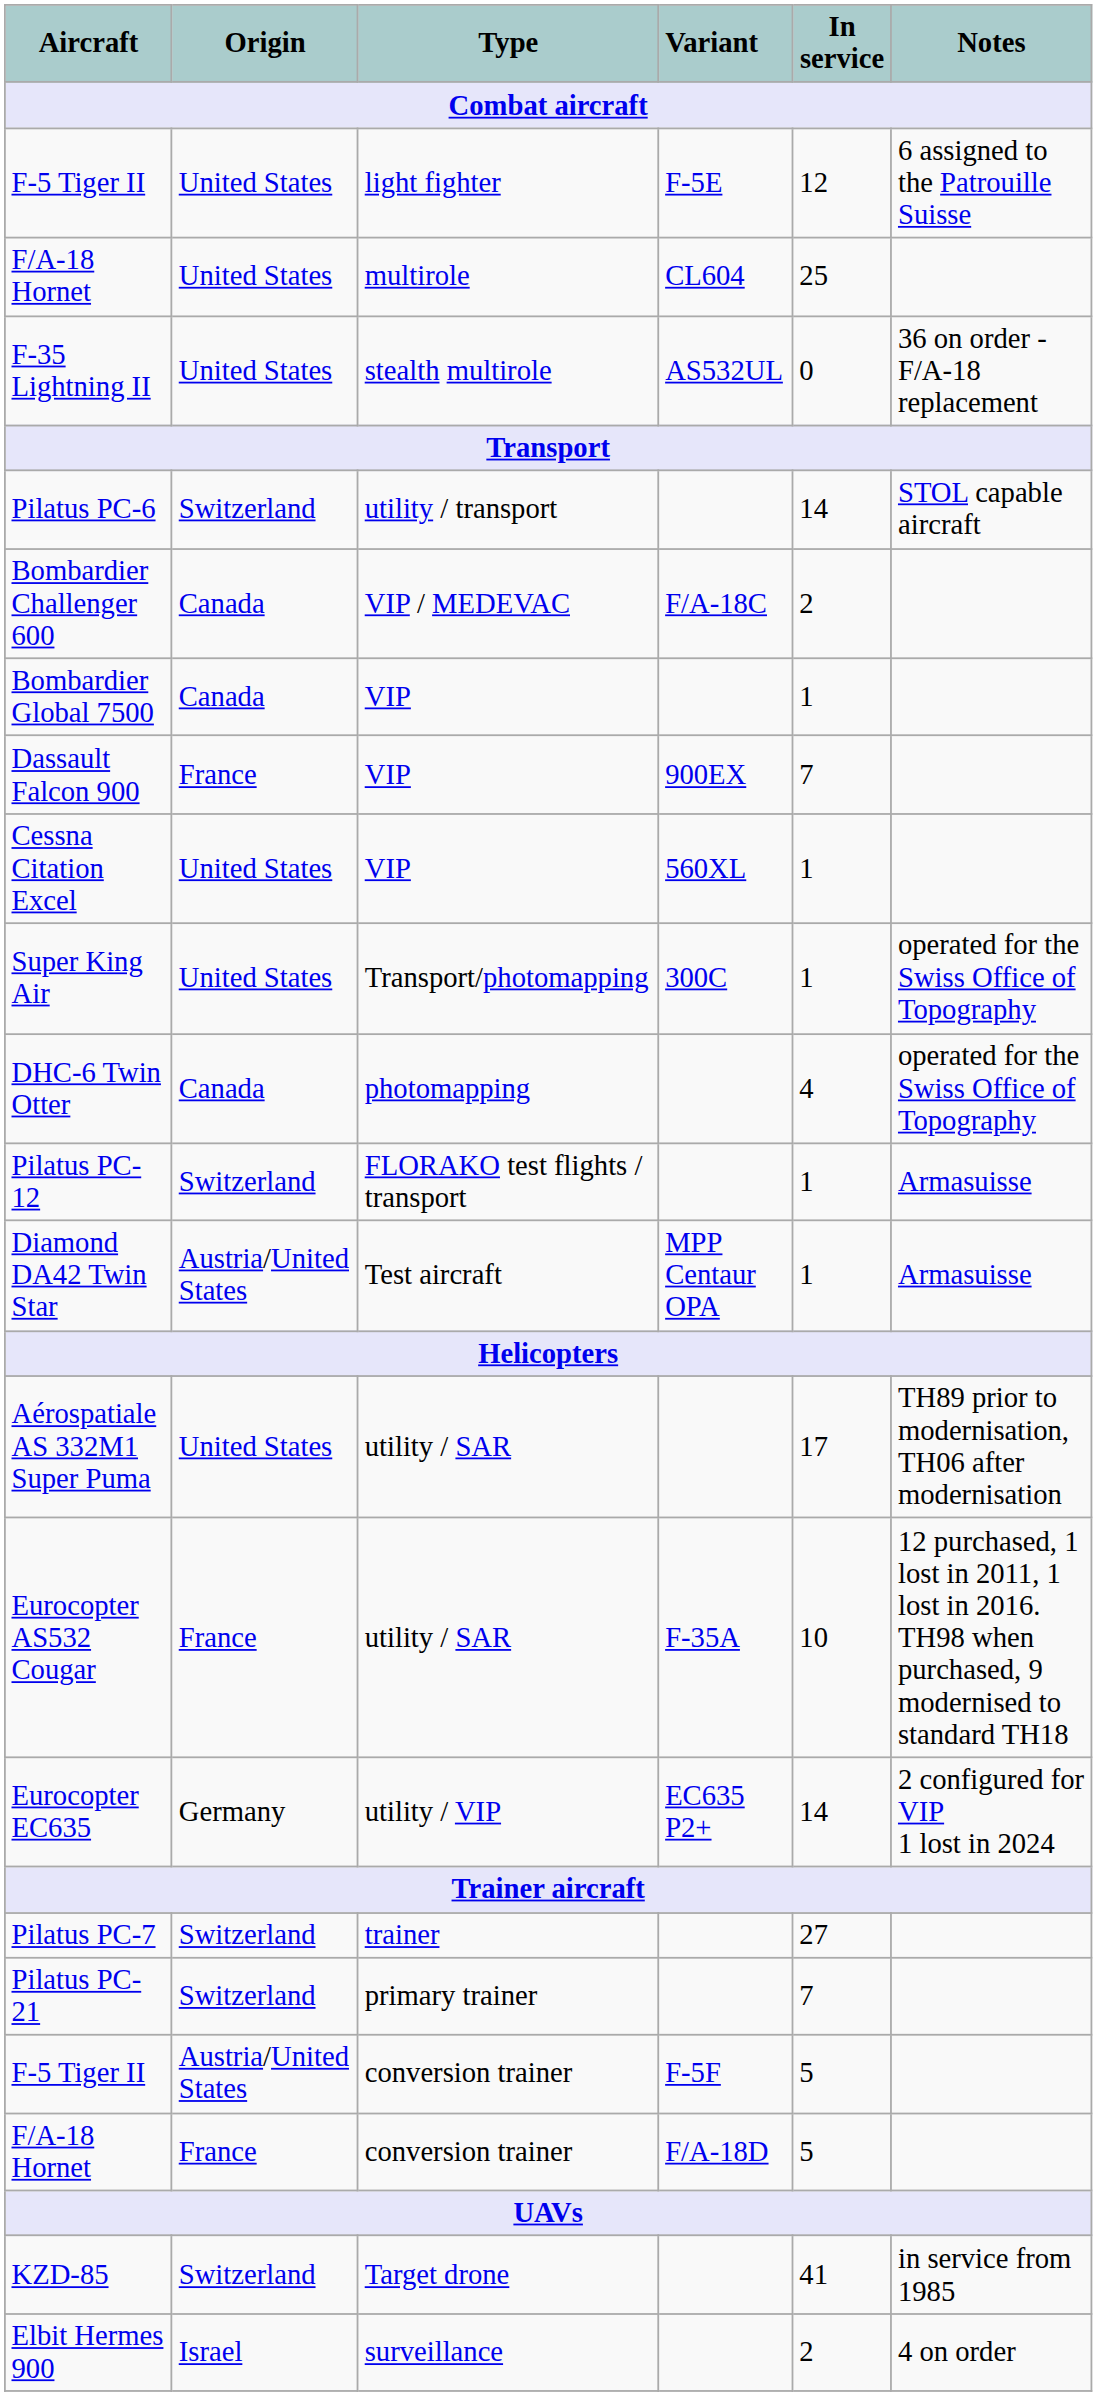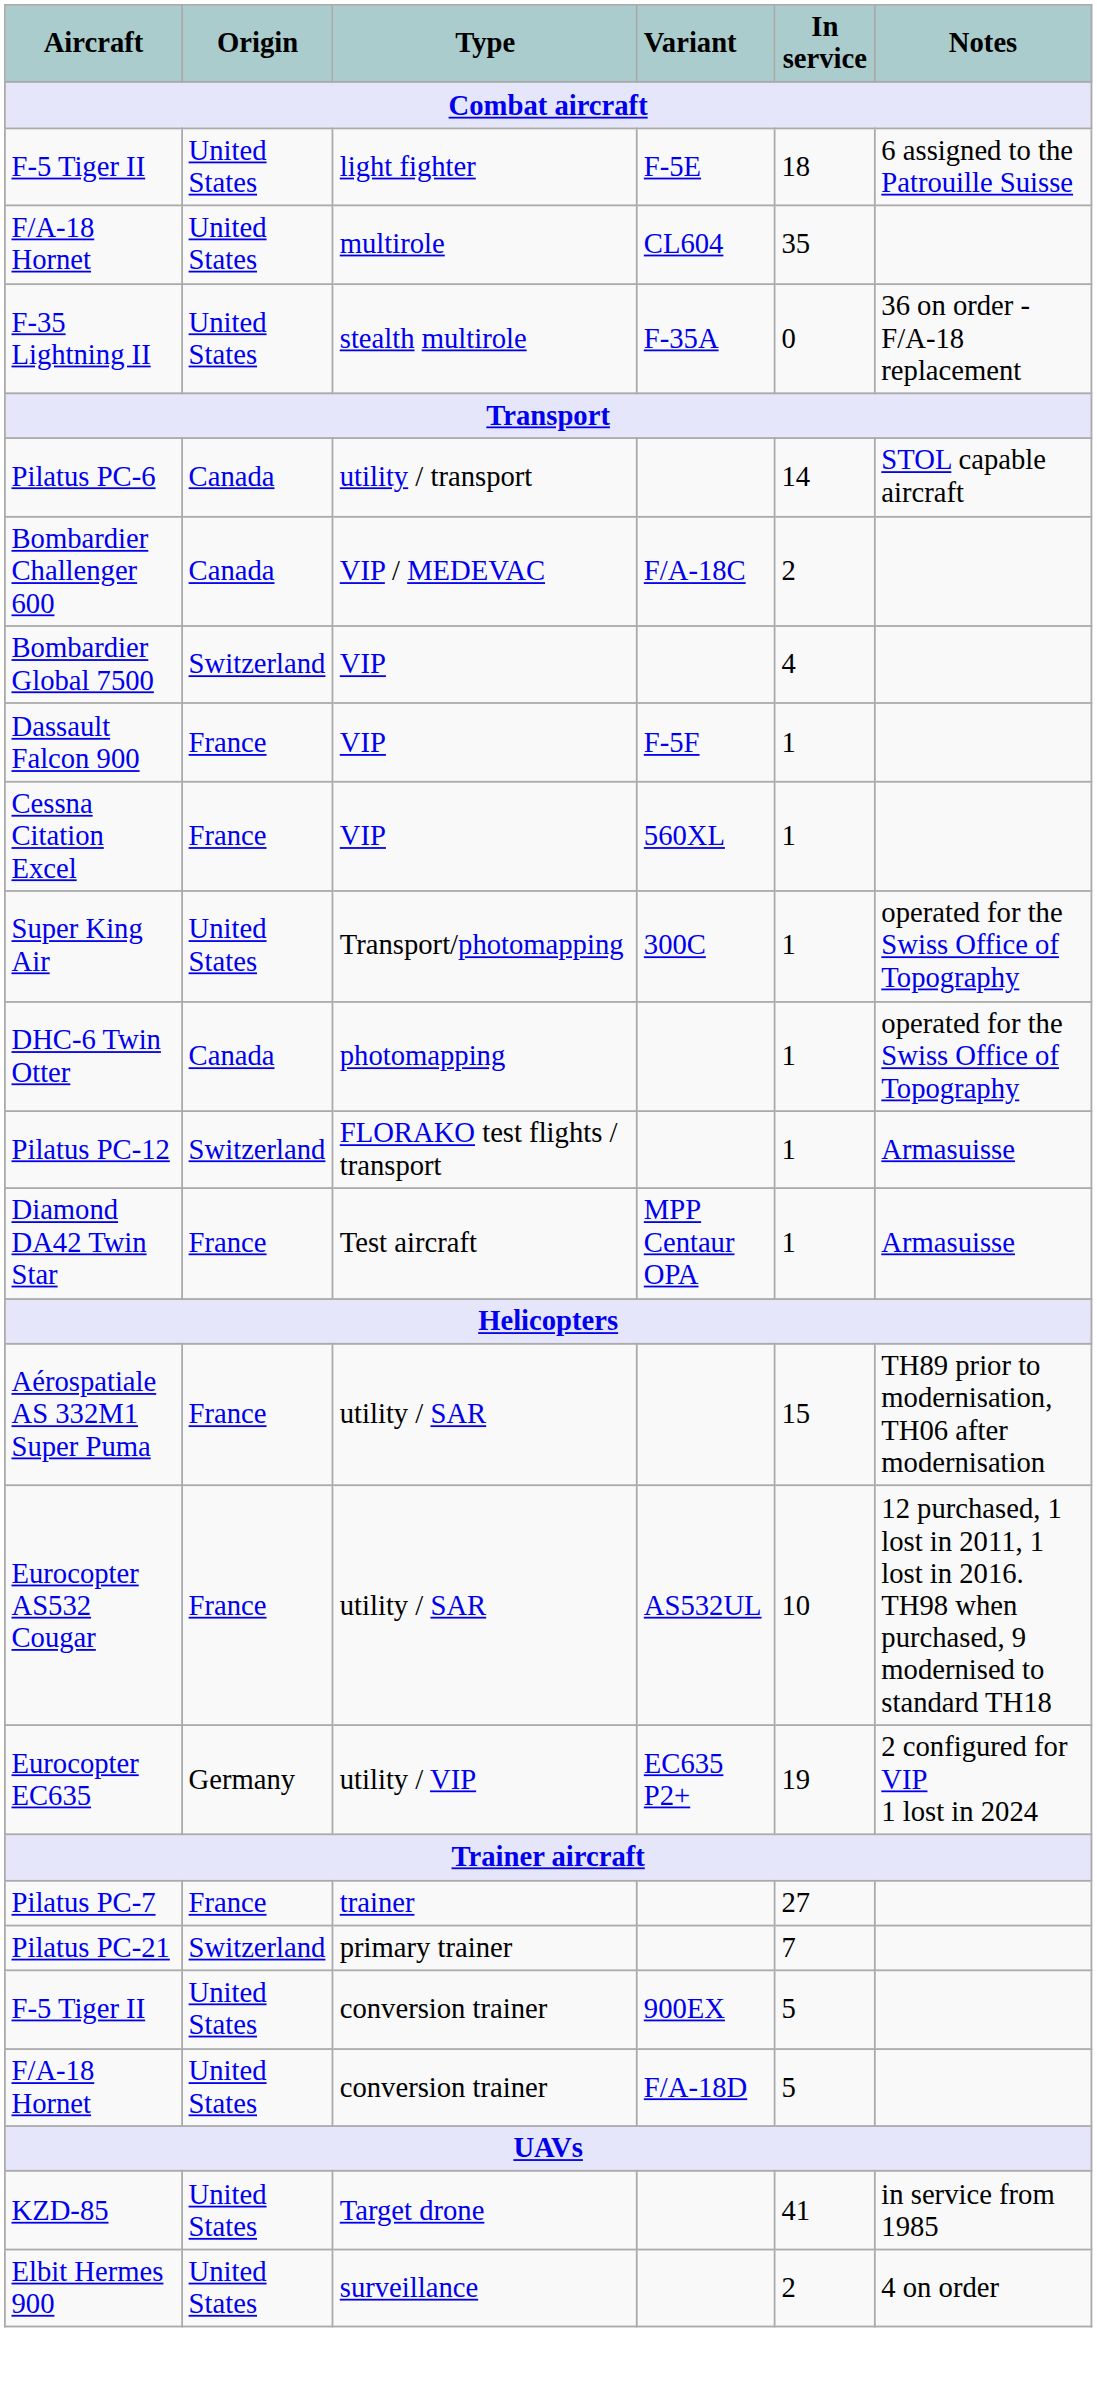 <table class="wikitable">
 <tr>
 <th style="text-align:center; background:#acc;">Aircraft</th>
 <th style="text-align: center; background:#acc;">Origin</th>
 <th style="text-align:l center; background:#acc;">Type</th>
 <th style="text-align:left; background:#acc;">Variant</th>
 <th style="text-align:center; background:#acc;">In service</th>
 <th style="text-align: center; background:#acc;">Notes</th>
 </tr>
 <tr>
 <th style="align: center; background: lavender;" colspan="6"><a href='#'>Combat aircraft</a></th>
 </tr>
 <tr>
 <td><a href='#'>F-5 Tiger II</a></td>
 <td><a href='#'>United States</a></td>
 <td><a href='#'>light fighter</a></td>
 <td><a href='#'>F-5E</a></td>
-<td>12</td>
+<td>18</td>
 <td>6 assigned to the <a href='#'>Patrouille Suisse</a></td>
 </tr>
 <tr>
 <td><a href='#'>F/A-18 Hornet</a></td>
 <td><a href='#'>United States</a></td>
 <td><a href='#'>multirole</a></td>
 <td><a href='#'>CL604</a></td>
-<td>25</td>
+<td>35</td>
 <td></td>
 </tr>
 <tr>
 <td><a href='#'>F-35 Lightning II</a></td>
 <td><a href='#'>United States</a></td>
 <td><a href='#'>stealth</a> <a href='#'>multirole</a></td>
-<td><a href='#'>AS532UL</a></td>
+<td><a href='#'>F-35A</a></td>
 <td>0</td>
 <td>36 on order - F/A-18 replacement</td>
 </tr>
 <tr>
 <th style="align: center; background: lavender;" colspan="6"><a href='#'>Transport</a></th>
 </tr>
 <tr>
 <td><a href='#'>Pilatus PC-6</a></td>
-<td><a href='#'>Switzerland</a></td>
+<td><a href='#'>Canada</a></td>
 <td><a href='#'>utility</a> / transport</td>
 <td></td>
 <td>14</td>
 <td><a href='#'>STOL</a> capable aircraft</td>
 </tr>
 <tr>
 <td><a href='#'>Bombardier Challenger 600</a></td>
 <td><a href='#'>Canada</a></td>
 <td><a href='#'>VIP</a> / <a href='#'>MEDEVAC</a></td>
 <td><a href='#'>F/A-18C</a></td>
 <td>2</td>
 <td></td>
 </tr>
 <tr>
 <td><a href='#'>Bombardier Global 7500</a></td>
-<td><a href='#'>Canada</a></td>
+<td><a href='#'>Switzerland</a></td>
 <td><a href='#'>VIP</a></td>
 <td></td>
-<td>1</td>
+<td>4</td>
 <td></td>
 </tr>
 <tr>
 <td><a href='#'>Dassault Falcon 900</a></td>
 <td><a href='#'>France</a></td>
 <td><a href='#'>VIP</a></td>
-<td><a href='#'>900EX</a></td>
-<td>7</td>
+<td><a href='#'>F-5F</a></td>
+<td>1</td>
 <td></td>
 </tr>
 <tr>
 <td><a href='#'>Cessna Citation Excel</a></td>
-<td><a href='#'>United States</a></td>
+<td><a href='#'>France</a></td>
 <td><a href='#'>VIP</a></td>
 <td><a href='#'>560XL</a></td>
 <td>1</td>
 <td></td>
 </tr>
 <tr>
 <td><a href='#'>Super King Air</a></td>
 <td><a href='#'>United States</a></td>
 <td>Transport/<a href='#'>photomapping</a></td>
 <td><a href='#'>300C</a></td>
 <td>1</td>
 <td>operated for the <a href='#'>Swiss Office of Topography</a></td>
 </tr>
 <tr>
 <td><a href='#'>DHC-6 Twin Otter</a></td>
 <td><a href='#'>Canada</a></td>
 <td><a href='#'>photomapping</a></td>
 <td></td>
-<td>4</td>
+<td>1</td>
 <td>operated for the <a href='#'>Swiss Office of Topography</a></td>
 </tr>
 <tr>
 <td><a href='#'>Pilatus PC-12</a></td>
 <td><a href='#'>Switzerland</a></td>
 <td><a href='#'>FLORAKO</a> test flights / transport</td>
 <td></td>
 <td>1</td>
 <td><a href='#'>Armasuisse</a></td>
 </tr>
 <tr>
 <td><a href='#'>Diamond DA42 Twin Star</a></td>
-<td><a href='#'>Austria</a>/<a href='#'>United States</a></td>
+<td><a href='#'>France</a></td>
 <td>Test aircraft</td>
 <td><a href='#'>MPP Centaur OPA</a></td>
 <td>1</td>
 <td><a href='#'>Armasuisse</a></td>
 </tr>
 <tr>
 <th style="align: center; background: lavender;" colspan="6"><a href='#'>Helicopters</a></th>
 </tr>
 <tr>
 <td><a href='#'>Aérospatiale AS 332M1 Super Puma</a></td>
-<td><a href='#'>United States</a></td>
+<td><a href='#'>France</a></td>
 <td>utility / <a href='#'>SAR</a></td>
 <td></td>
-<td>17</td>
+<td>15</td>
 <td>TH89 prior to modernisation, TH06 after modernisation</td>
 </tr>
 <tr>
 <td><a href='#'>Eurocopter AS532 Cougar</a></td>
 <td><a href='#'>France</a></td>
 <td>utility / <a href='#'>SAR</a></td>
-<td><a href='#'>F-35A</a></td>
+<td><a href='#'>AS532UL</a></td>
 <td>10</td>
 <td>12 purchased, 1 lost in 2011, 1 lost in 2016.<br>TH98 when purchased, 9  modernised to standard TH18</td>
 </tr>
 <tr>
 <td><a href='#'>Eurocopter EC635</a></td>
 <td>Germany</td>
 <td>utility /  <a href='#'>VIP</a></td>
 <td><a href='#'>EC635 P2+</a></td>
-<td>14</td>
+<td>19</td>
 <td>2 configured for <a href='#'>VIP</a><br>1 lost in 2024</td>
 </tr>
 <tr>
 <th colspan="6" style="align: center; background: lavender;"><a href='#'>Trainer aircraft</a></th>
 </tr>
 <tr>
 <td><a href='#'>Pilatus PC-7</a></td>
-<td><a href='#'>Switzerland</a></td>
+<td><a href='#'>France</a></td>
 <td><a href='#'>trainer</a></td>
 <td></td>
 <td>27</td>
 <td></td>
 </tr>
 <tr>
 <td><a href='#'>Pilatus PC-21</a></td>
 <td><a href='#'>Switzerland</a></td>
 <td>primary trainer</td>
 <td></td>
 <td>7</td>
 <td></td>
 </tr>
 <tr>
 <td><a href='#'>F-5 Tiger II</a></td>
-<td><a href='#'>Austria</a>/<a href='#'>United States</a></td>
+<td><a href='#'>United States</a></td>
 <td>conversion trainer</td>
-<td><a href='#'>F-5F</a></td>
+<td><a href='#'>900EX</a></td>
 <td>5</td>
 <td></td>
 </tr>
 <tr>
 <td><a href='#'>F/A-18 Hornet</a></td>
-<td><a href='#'>France</a></td>
+<td><a href='#'>United States</a></td>
 <td>conversion trainer</td>
 <td><a href='#'>F/A-18D</a></td>
 <td>5</td>
 <td></td>
 </tr>
 <tr>
 <th colspan="6" style="align: center; background: lavender;"><a href='#'>UAVs</a></th>
 </tr>
 <tr>
 <td><a href='#'>KZD-85</a></td>
-<td><a href='#'>Switzerland</a></td>
+<td><a href='#'>United States</a></td>
 <td><a href='#'>Target drone</a></td>
 <td></td>
 <td>41</td>
 <td>in service from 1985</td>
 </tr>
 <tr>
 <td><a href='#'>Elbit Hermes 900</a></td>
-<td><a href='#'>Israel</a></td>
+<td><a href='#'>United States</a></td>
 <td><a href='#'>surveillance</a></td>
 <td></td>
 <td>2</td>
 <td>4 on order</td>
 </tr>
 </table>
